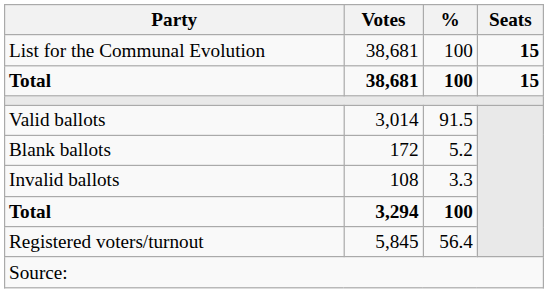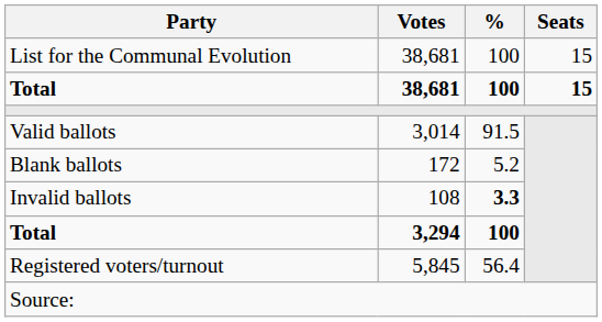 <table class=wikitable style=text-align:right width=450>
 <tr>
 <th>Party</th>
 <th>Votes</th>
 <th>%</th>
 <th>Seats</th>
 </tr>
 <tr>
 <td align=left>List for the Communal Evolution</td>
 <td>38,681</td>
 <td>100</td>
-<td><strong>15</strong></td>
+<td>15</td>
 </tr>
 <tr>
 <td align=left><strong>Total</strong></td>
 <td><strong>38,681</strong></td>
 <td><strong>100</strong></td>
 <td><strong>15</strong></td>
 </tr>
 <tr>
 <td bgcolor=#E9E9E9 colspan=4></td>
 </tr>
 <tr>
 <td align=left>Valid ballots</td>
 <td>3,014</td>
 <td>91.5</td>
 <td rowspan=5 bgcolor=#E9E9E9></td>
 </tr>
 <tr>
 <td align=left>Blank ballots</td>
 <td>172</td>
 <td>5.2</td>
 </tr>
 <tr>
 <td align=left>Invalid ballots</td>
 <td>108</td>
-<td>3.3</td>
+<td><strong>3.3</strong></td>
 </tr>
 <tr>
 <td align=left><strong> Total</strong></td>
 <td><strong> 3,294</strong></td>
 <td><strong>100</strong></td>
 </tr>
 <tr>
 <td align=left>Registered voters/turnout</td>
 <td>5,845</td>
 <td>56.4</td>
 </tr>
 <tr>
 <td align=left colspan=4>Source: </td>
 </tr>
 </table>
